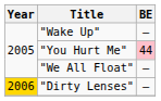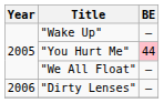 <table class="wikitable">
 <tr>
 <th>Year</th>
 <th>Title</th>
 <th>BE</th>
 </tr>
 <tr>
 <td rowspan=3>2005</td>
 <td>"Wake Up"</td>
 <td align="center">—</td>
 </tr>
 <tr>
 <td>"You Hurt Me"</td>
 <td align="center" style="background: pink;">44</td>
 </tr>
 <tr>
 <td>"We All Float"</td>
 <td align="center">—</td>
 </tr>
 <tr>
-<td style="background: gold;">2006</td>
+<td>2006</td>
 <td>"Dirty Lenses"</td>
 <td align="center">—</td>
 </tr>
 <tr>
 </tr>
 </table>
